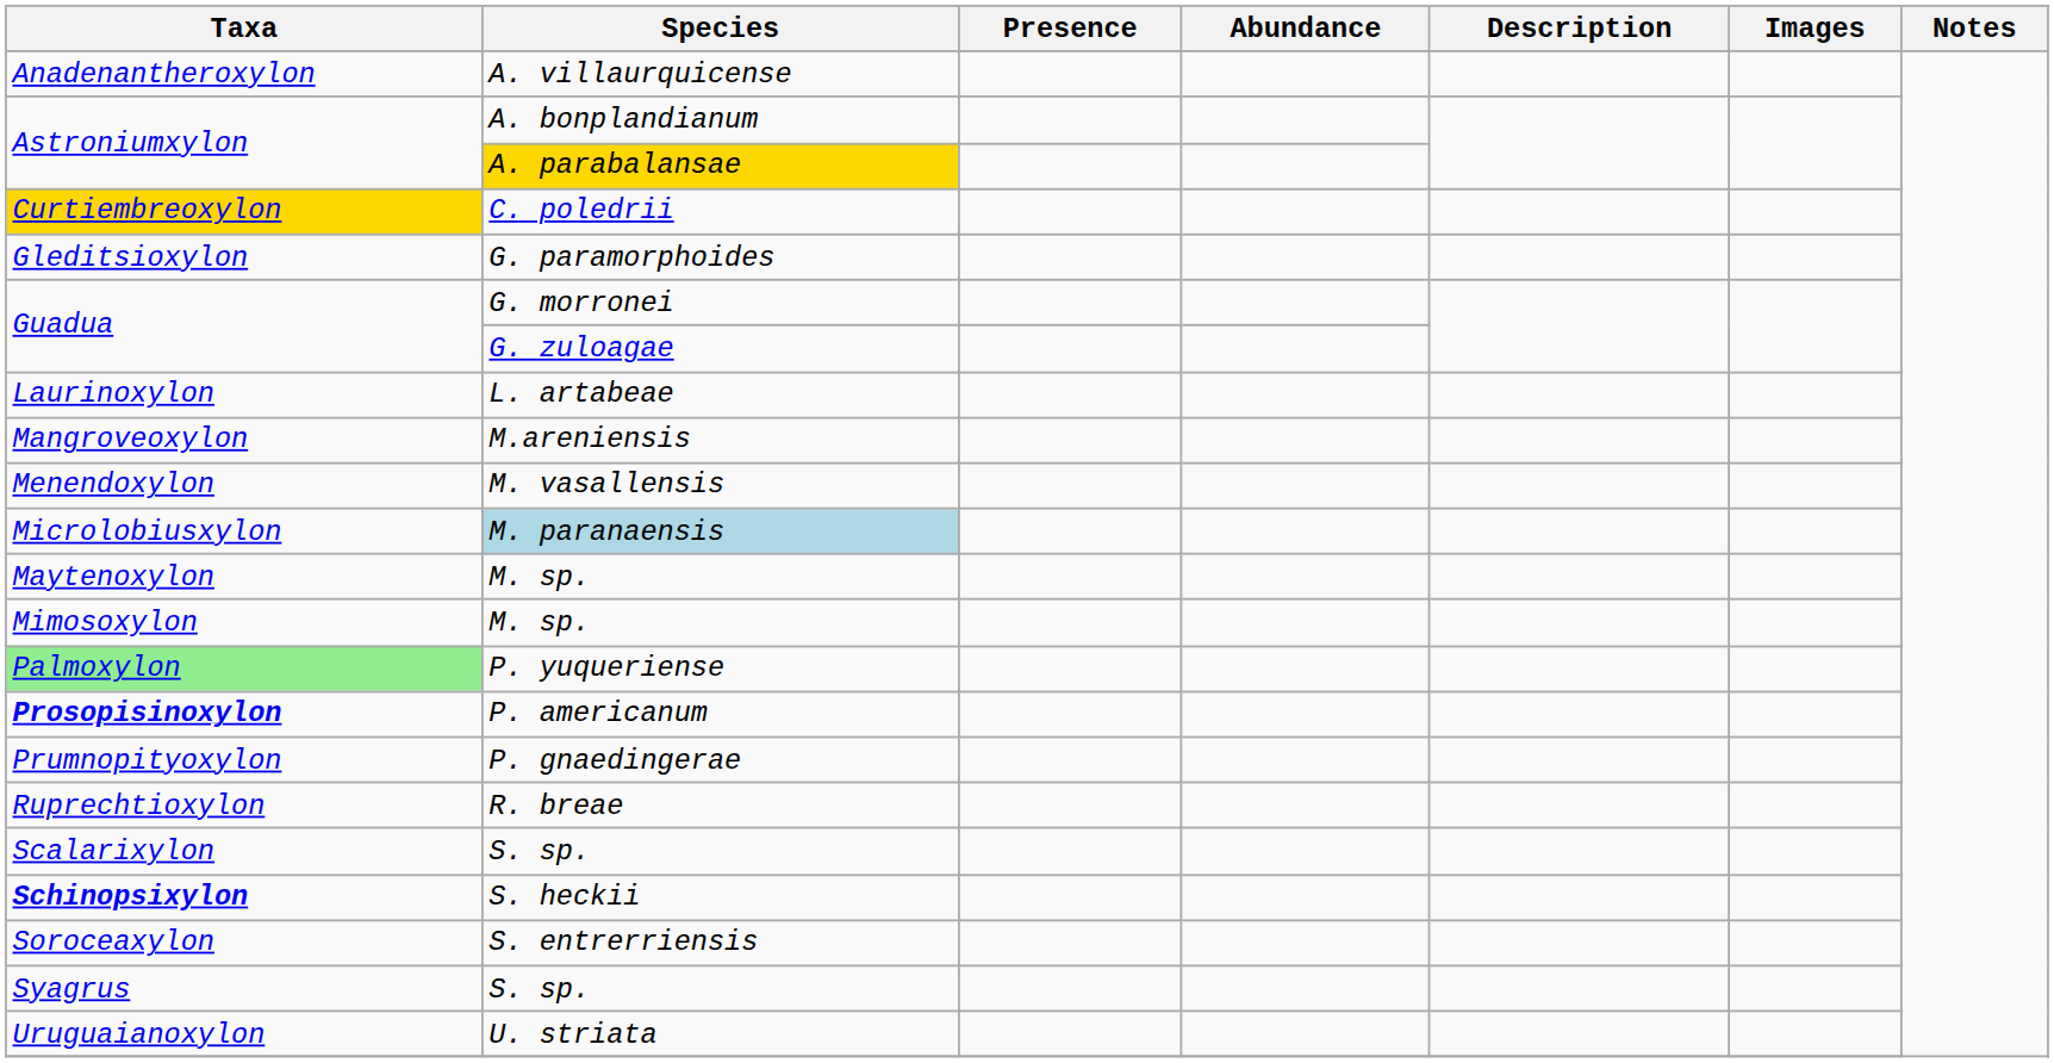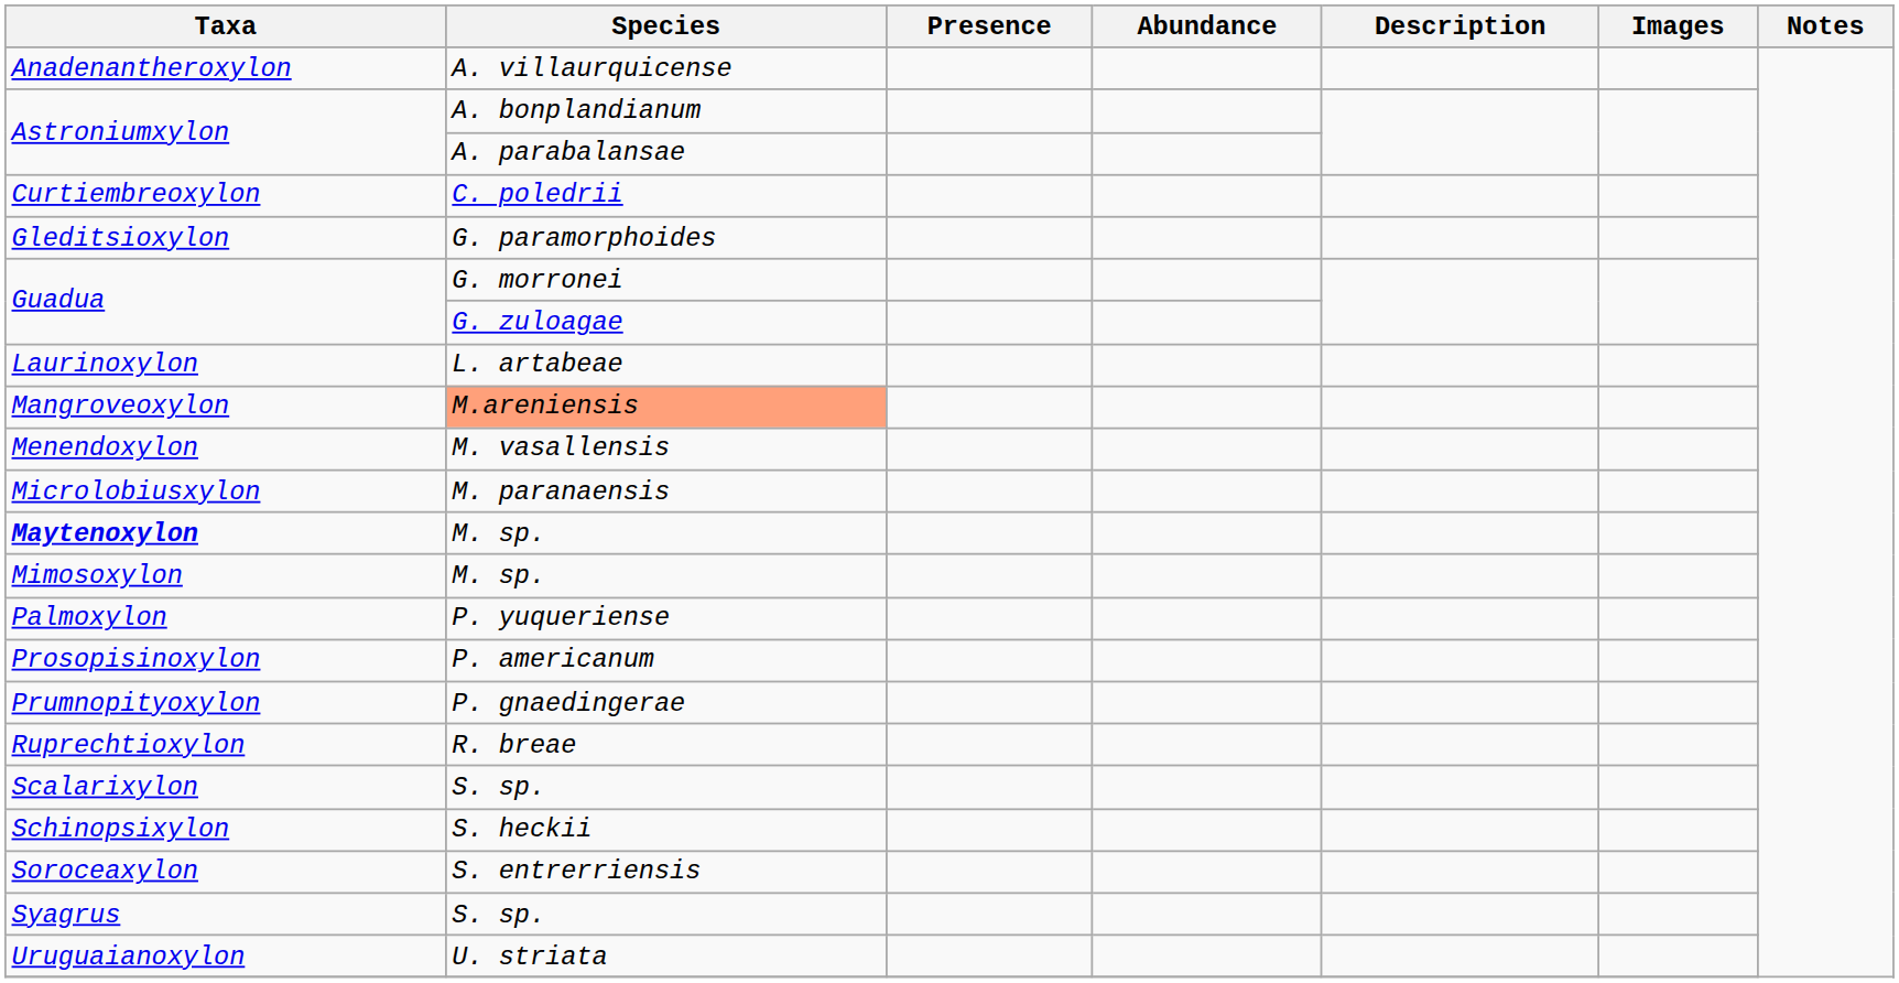 <table class="wikitable sortable" align="center" width="75%">
 <tr>
 <th>Taxa</th>
 <th>Species</th>
 <th>Presence</th>
 <th>Abundance</th>
 <th>Description</th>
 <th>Images</th>
 <th>Notes</th>
 </tr>
 <tr>
 <td><em><a href='#'>Anadenantheroxylon</a></em></td>
 <td><em>A. villaurquicense</em></td>
 <td></td>
 <td></td>
 <td></td>
 <td></td>
 <td rowspan = "100"></td>
 </tr>
 <tr>
 <td rowspan = 2><em><a href='#'>Astroniumxylon</a></em></td>
 <td><em>A. bonplandianum</em></td>
 <td></td>
 <td></td>
 <td rowspan = 2></td>
 <td rowspan = 2></td>
 </tr>
 <tr>
-<td style="background: gold;"><em>A. parabalansae</em></td>
+<td><em>A. parabalansae</em></td>
 <td></td>
 <td></td>
 </tr>
 <tr>
-<td style="background: gold;"><em><a href='#'>Curtiembreoxylon</a></em></td>
+<td><em><a href='#'>Curtiembreoxylon</a></em></td>
 <td><em><a href='#'>C. poledrii</a></em></td>
 <td></td>
 <td></td>
 <td></td>
 <td></td>
 </tr>
 <tr>
 <td><em><a href='#'>Gleditsioxylon</a></em></td>
 <td><em>G. paramorphoides</em></td>
 <td></td>
 <td></td>
 <td></td>
 <td></td>
 </tr>
 <tr>
 <td rowspan = 2><em><a href='#'>Guadua</a></em></td>
 <td><em>G. morronei</em></td>
 <td></td>
 <td></td>
 <td rowspan = 2></td>
 <td rowspan = 2></td>
 </tr>
 <tr>
 <td><em><a href='#'>G. zuloagae</a></em></td>
 <td></td>
 <td></td>
 </tr>
 <tr>
 <td><em><a href='#'>Laurinoxylon</a></em></td>
 <td><em>L. artabeae</em></td>
 <td></td>
 <td></td>
 <td></td>
 <td></td>
 </tr>
 <tr>
 <td><em><a href='#'>Mangroveoxylon</a></em></td>
-<td><em>M.areniensis</em></td>
+<td style="background: lightsalmon;"><em>M.areniensis</em></td>
 <td></td>
 <td></td>
 <td></td>
 <td></td>
 </tr>
 <tr>
 <td><em><a href='#'>Menendoxylon</a></em></td>
 <td><em>M. vasallensis</em></td>
 <td></td>
 <td></td>
 <td></td>
 <td></td>
 </tr>
 <tr>
 <td><em><a href='#'>Microlobiusxylon</a></em></td>
-<td style="background: lightblue;"><em>M. paranaensis</em></td>
+<td><em>M. paranaensis</em></td>
 <td></td>
 <td></td>
 <td></td>
 <td></td>
 </tr>
 <tr>
-<td><em><a href='#'>Maytenoxylon</a></em></td>
+<td><strong><em><a href='#'>Maytenoxylon</a></em></strong></td>
 <td><em>M. sp.</em></td>
 <td></td>
 <td></td>
 <td></td>
 <td></td>
 </tr>
 <tr>
 <td><em><a href='#'>Mimosoxylon</a></em></td>
 <td><em>M. sp.</em></td>
 <td></td>
 <td></td>
 <td></td>
 <td></td>
 </tr>
 <tr>
-<td style="background: lightgreen;"><em><a href='#'>Palmoxylon</a></em></td>
+<td><em><a href='#'>Palmoxylon</a></em></td>
 <td><em>P. yuqueriense</em></td>
 <td></td>
 <td></td>
 <td></td>
 <td></td>
 </tr>
 <tr>
-<td><strong><em><a href='#'>Prosopisinoxylon</a></em></strong></td>
+<td><em><a href='#'>Prosopisinoxylon</a></em></td>
 <td><em>P. americanum</em></td>
 <td></td>
 <td></td>
 <td></td>
 <td></td>
 </tr>
 <tr>
 <td><em><a href='#'>Prumnopityoxylon</a></em></td>
 <td><em>P. gnaedingerae</em></td>
 <td></td>
 <td></td>
 <td></td>
 <td></td>
 </tr>
 <tr>
 <td><em><a href='#'>Ruprechtioxylon</a></em></td>
 <td><em>R. breae</em></td>
 <td></td>
 <td></td>
 <td></td>
 <td></td>
 </tr>
 <tr>
 <td><em><a href='#'>Scalarixylon</a></em></td>
 <td><em>S. sp.</em></td>
 <td></td>
 <td></td>
 <td></td>
 <td></td>
 </tr>
 <tr>
-<td><strong><em><a href='#'>Schinopsixylon</a></em></strong></td>
+<td><em><a href='#'>Schinopsixylon</a></em></td>
 <td><em>S. heckii</em></td>
 <td></td>
 <td></td>
 <td></td>
 <td></td>
 </tr>
 <tr>
 <td><em><a href='#'>Soroceaxylon</a></em></td>
 <td><em>S. entrerriensis</em></td>
 <td></td>
 <td></td>
 <td></td>
 <td></td>
 </tr>
 <tr>
 <td><em><a href='#'>Syagrus</a></em></td>
 <td><em>S. sp.</em></td>
 <td></td>
 <td></td>
 <td></td>
 <td></td>
 </tr>
 <tr>
 <td><em><a href='#'>Uruguaianoxylon</a></em></td>
 <td><em>U. striata</em></td>
 <td></td>
 <td></td>
 <td></td>
 <td></td>
 </tr>
 <tr>
 </tr>
 </table>
